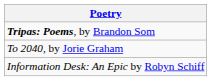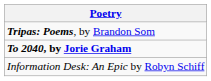 <table class="wikitable" style="float:left; float:none;">
 <tr>
 <th><a href='#'>Poetry</a></th>
 </tr>
 <tr>
 <td><strong><em>Tripas: Poems</em></strong>, by <a href='#'>Brandon Som</a></td>
 </tr>
 <tr>
-<td><em>To 2040</em>, by <a href='#'>Jorie Graham</a></td>
+<td><strong><em>To 2040</em>, by <a href='#'>Jorie Graham</a></strong></td>
 </tr>
 <tr>
 <td><em>Information Desk: An Epic</em> by <a href='#'>Robyn Schiff</a></td>
 </tr>
 </table>
